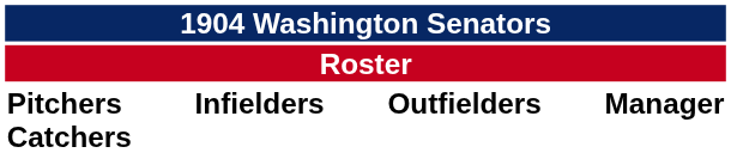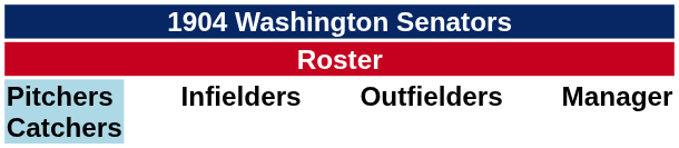 <table class="toccolours" style="font-size: 95%;">
 <tr>
 <th colspan="10" style="background-color: #072764; color: white; text-align: center;">1904 Washington Senators</th>
 </tr>
 <tr>
 <td colspan="10" style="background-color: #c6011f; color: white; text-align: center;"><strong>Roster</strong></td>
 </tr>
 <tr>
-<td valign="top"><strong>Pitchers</strong><br>        <strong>Catchers</strong>   </td>
+<td valign="top" style="background: lightblue;"><strong>Pitchers</strong><br>        <strong>Catchers</strong>   </td>
 <td width="25px"></td>
 <td valign="top"><strong>Infielders</strong><br>        </td>
 <td width="25px"></td>
 <td valign="top"><strong>Outfielders</strong><br>      </td>
 <td width="25px"></td>
 <td valign="top"><strong>Manager</strong><br> </td>
 </tr>
 <tr>
 </tr>
 </table>
